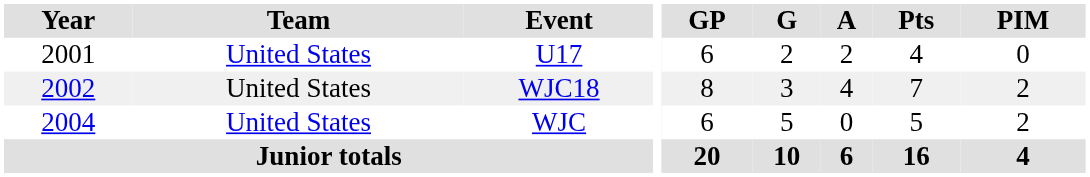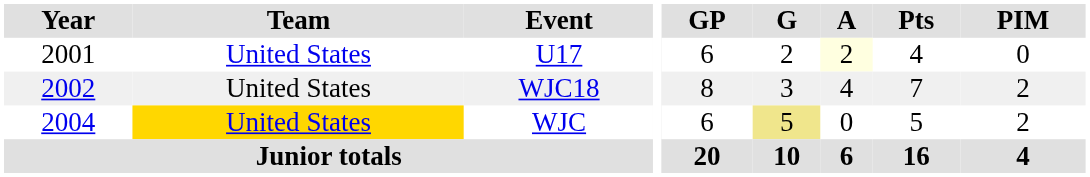 <table border="0" cellpadding="1" cellspacing="0" ID="Table3" style="text-align:center; width:40em">
 <tr ALIGN="center" bgcolor="#e0e0e0">
 <th>Year</th>
 <th>Team</th>
 <th>Event</th>
 <th rowspan="99" bgcolor="#ffffff"></th>
 <th>GP</th>
 <th>G</th>
 <th>A</th>
 <th>Pts</th>
 <th>PIM</th>
 </tr>
 <tr>
 <td>2001</td>
 <td><a href='#'>United States</a></td>
 <td><a href='#'>U17</a></td>
 <td>6</td>
 <td>2</td>
-<td>2</td>
+<td style="background: lightyellow;">2</td>
 <td>4</td>
 <td>0</td>
 </tr>
 <tr bgcolor="#f0f0f0">
 <td><a href='#'>2002</a></td>
 <td>United States</td>
 <td><a href='#'>WJC18</a></td>
 <td>8</td>
 <td>3</td>
 <td>4</td>
 <td>7</td>
 <td>2</td>
 </tr>
 <tr>
 <td><a href='#'>2004</a></td>
-<td><a href='#'>United States</a></td>
+<td style="background: gold;"><a href='#'>United States</a></td>
 <td><a href='#'>WJC</a></td>
 <td>6</td>
-<td>5</td>
+<td style="background: khaki;">5</td>
 <td>0</td>
 <td>5</td>
 <td>2</td>
 </tr>
 <tr bgcolor="#e0e0e0">
 <th colspan="3">Junior totals</th>
 <th>20</th>
 <th>10</th>
 <th>6</th>
 <th>16</th>
 <th>4</th>
 </tr>
 </table>
